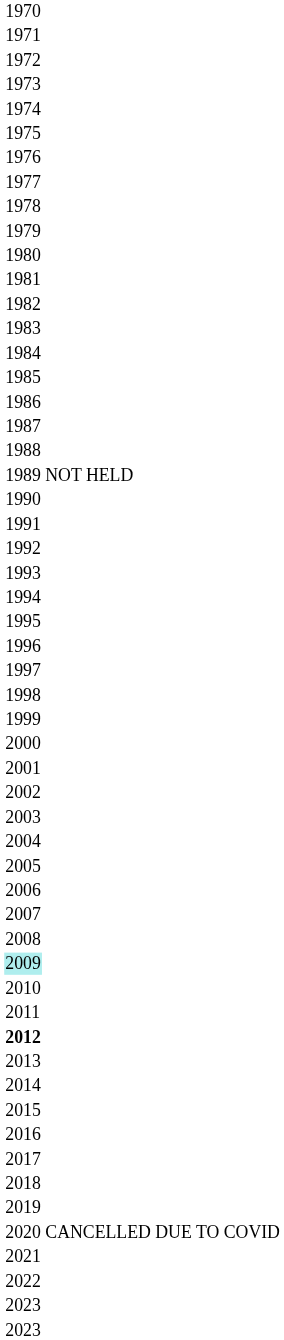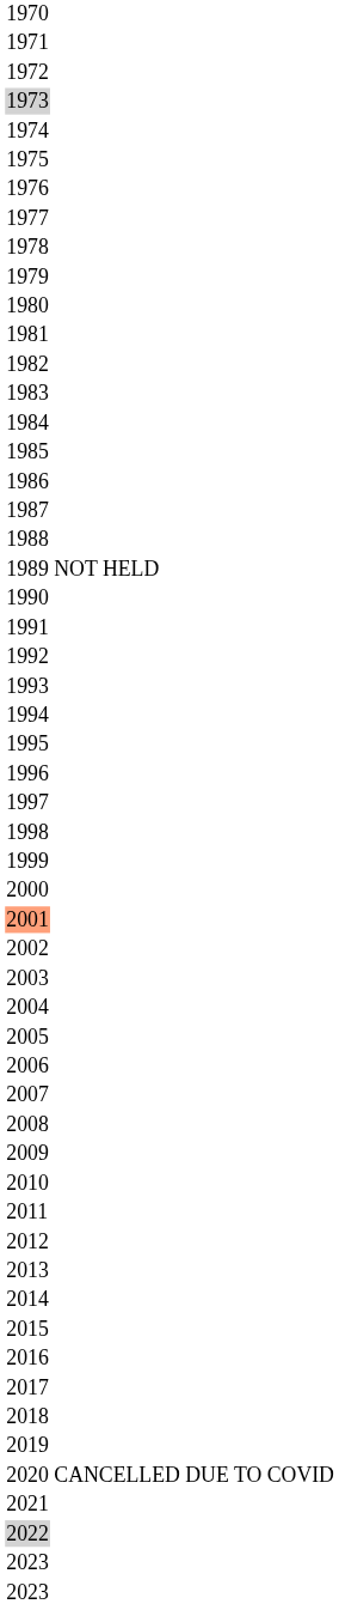 <table>
 <tr>
 <td>1970</td>
 <td></td>
 <td></td>
 <td></td>
 </tr>
 <tr>
 <td>1971</td>
 <td></td>
 <td></td>
 <td></td>
 </tr>
 <tr>
 <td>1972</td>
 <td></td>
 <td></td>
 <td></td>
 </tr>
 <tr>
-<td>1973</td>
+<td style="background: lightgrey;">1973</td>
 <td></td>
 <td></td>
 <td></td>
 </tr>
 <tr>
 <td>1974</td>
 <td></td>
 <td></td>
 <td></td>
 </tr>
 <tr>
 <td>1975</td>
 <td></td>
 <td></td>
 <td></td>
 </tr>
 <tr>
 <td>1976</td>
 <td></td>
 <td></td>
 <td></td>
 </tr>
 <tr>
 <td>1977</td>
 <td></td>
 <td></td>
 <td></td>
 </tr>
 <tr>
 <td>1978</td>
 <td></td>
 <td></td>
 <td></td>
 </tr>
 <tr>
 <td>1979</td>
 <td></td>
 <td></td>
 <td></td>
 </tr>
 <tr>
 <td>1980</td>
 <td></td>
 <td></td>
 <td></td>
 </tr>
 <tr>
 <td>1981</td>
 <td></td>
 <td></td>
 <td></td>
 </tr>
 <tr>
 <td>1982</td>
 <td></td>
 <td></td>
 <td></td>
 </tr>
 <tr>
 <td>1983</td>
 <td></td>
 <td></td>
 <td></td>
 </tr>
 <tr>
 <td>1984</td>
 <td></td>
 <td></td>
 <td></td>
 </tr>
 <tr>
 <td>1985</td>
 <td></td>
 <td></td>
 <td></td>
 </tr>
 <tr>
 <td>1986</td>
 <td></td>
 <td></td>
 <td></td>
 </tr>
 <tr>
 <td>1987</td>
 <td></td>
 <td></td>
 <td></td>
 </tr>
 <tr>
 <td>1988</td>
 <td></td>
 <td></td>
 <td></td>
 </tr>
 <tr>
 <td>1989</td>
 <td colspan=3>NOT HELD</td>
 <td></td>
 </tr>
 <tr>
 <td>1990</td>
 <td></td>
 <td></td>
 <td></td>
 </tr>
 <tr>
 <td>1991</td>
 <td></td>
 <td></td>
 <td></td>
 </tr>
 <tr>
 <td>1992</td>
 <td></td>
 <td></td>
 <td></td>
 </tr>
 <tr>
 <td>1993</td>
 <td></td>
 <td></td>
 <td></td>
 </tr>
 <tr>
 <td>1994</td>
 <td></td>
 <td></td>
 <td></td>
 </tr>
 <tr>
 <td>1995</td>
 <td></td>
 <td></td>
 <td></td>
 </tr>
 <tr>
 <td>1996</td>
 <td></td>
 <td></td>
 <td></td>
 </tr>
 <tr>
 <td>1997</td>
 <td></td>
 <td></td>
 <td></td>
 </tr>
 <tr>
 <td>1998</td>
 <td></td>
 <td></td>
 <td></td>
 </tr>
 <tr>
 <td>1999</td>
 <td></td>
 <td></td>
 <td></td>
 </tr>
 <tr>
 <td>2000</td>
 <td></td>
 <td></td>
 <td></td>
 </tr>
 <tr>
-<td>2001</td>
+<td style="background: lightsalmon;">2001</td>
 <td></td>
 <td></td>
 <td></td>
 </tr>
 <tr>
 <td>2002</td>
 <td></td>
 <td></td>
 <td></td>
 </tr>
 <tr>
 <td>2003</td>
 <td></td>
 <td></td>
 <td></td>
 </tr>
 <tr>
 <td>2004</td>
 <td></td>
 <td></td>
 <td></td>
 </tr>
 <tr>
 <td>2005</td>
 <td></td>
 <td></td>
 <td></td>
 </tr>
 <tr>
 <td>2006</td>
 <td></td>
 <td></td>
 <td></td>
 </tr>
 <tr>
 <td>2007</td>
 <td></td>
 <td></td>
 <td></td>
 </tr>
 <tr>
 <td>2008</td>
 <td></td>
 <td></td>
 <td></td>
 </tr>
 <tr>
-<td style="background: paleturquoise;">2009</td>
+<td>2009</td>
 <td></td>
 <td></td>
 <td></td>
 </tr>
 <tr>
 <td>2010</td>
 <td></td>
 <td></td>
 <td></td>
 </tr>
 <tr>
 <td>2011</td>
 <td></td>
 <td></td>
 <td></td>
 </tr>
 <tr>
-<td><strong>2012</strong></td>
+<td>2012</td>
 <td></td>
 <td></td>
 <td></td>
 </tr>
 <tr>
 <td>2013</td>
 <td></td>
 <td></td>
 <td></td>
 </tr>
 <tr>
 <td>2014</td>
 <td></td>
 <td></td>
 <td></td>
 </tr>
 <tr>
 <td>2015</td>
 <td></td>
 <td></td>
 <td></td>
 </tr>
 <tr>
 <td>2016</td>
 <td></td>
 <td></td>
 <td></td>
 </tr>
 <tr>
 <td>2017</td>
 <td></td>
 <td></td>
 <td></td>
 </tr>
 <tr>
 <td>2018</td>
 <td></td>
 <td></td>
 <td></td>
 </tr>
 <tr>
 <td>2019</td>
 <td></td>
 <td></td>
 <td></td>
 <td></td>
 </tr>
 <tr>
 <td>2020</td>
 <td COLSPAN=3>CANCELLED DUE TO COVID</td>
 <td></td>
 </tr>
 <tr>
 <td>2021</td>
 <td></td>
 <td></td>
 <td></td>
 <td></td>
 </tr>
 <tr>
-<td>2022</td>
+<td style="background: lightgrey;">2022</td>
 <td></td>
 <td></td>
 <td></td>
 <td></td>
 </tr>
 <tr>
 <td>2023</td>
 <td></td>
 <td></td>
 <td></td>
 <td></td>
 </tr>
 <tr>
 <td>2023</td>
 <td></td>
 <td></td>
 <td></td>
 <td></td>
 </tr>
 </table>
